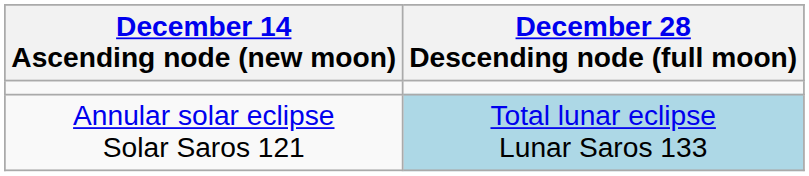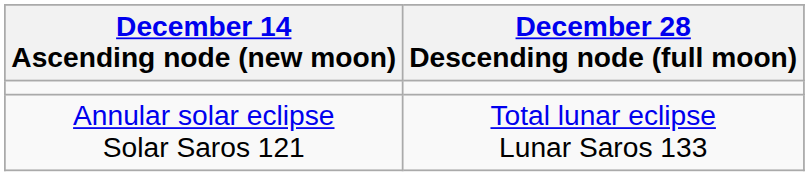 <table class="wikitable">
 <tr>
 <th><a href='#'>December 14</a><br>Ascending node (new moon)</th>
 <th><a href='#'>December 28</a><br>Descending node (full moon)</th>
 </tr>
 <tr>
 <td></td>
 <td></td>
 </tr>
 <tr align=center>
 <td><a href='#'>Annular solar eclipse</a><br>Solar Saros 121</td>
-<td style="background: lightblue;"><a href='#'>Total lunar eclipse</a><br>Lunar Saros 133</td>
+<td><a href='#'>Total lunar eclipse</a><br>Lunar Saros 133</td>
 </tr>
 </table>
